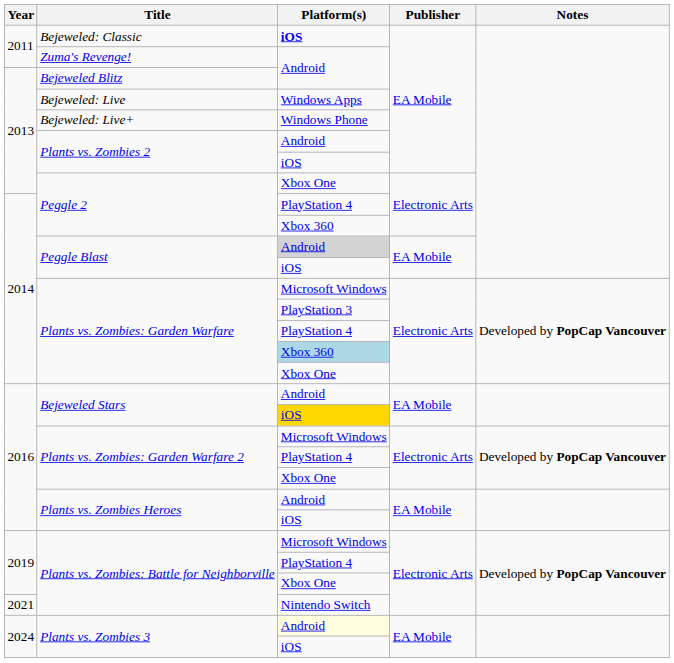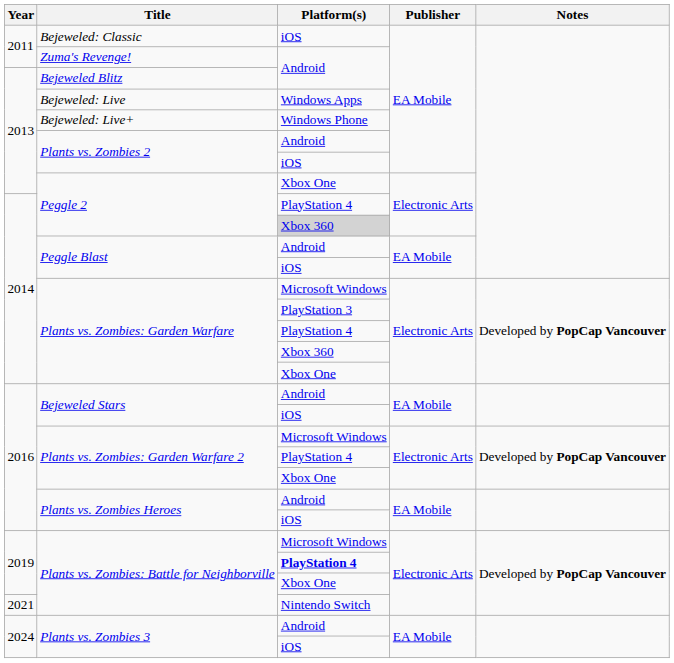 <table class="wikitable sortable">
 <tr>
 <th>Year</th>
 <th>Title</th>
 <th>Platform(s)</th>
 <th>Publisher</th>
 <th>Notes</th>
 </tr>
 <tr>
 <td rowspan="2">2011</td>
 <td><em>Bejeweled: Classic</em></td>
-<td><strong><a href='#'>iOS</a></strong></td>
+<td><a href='#'>iOS</a></td>
 <td rowspan="7"><a href='#'>EA Mobile</a></td>
 <td rowspan="12"></td>
 </tr>
 <tr>
 <td><em><a href='#'>Zuma's Revenge!</a></em></td>
 <td rowspan="2"><a href='#'>Android</a></td>
 </tr>
 <tr>
 <td rowspan="6">2013</td>
 <td><em><a href='#'>Bejeweled Blitz</a></em></td>
 </tr>
 <tr>
 <td><em>Bejeweled: Live</em></td>
 <td><a href='#'>Windows Apps</a></td>
 </tr>
 <tr>
 <td><em>Bejeweled: Live+</em></td>
 <td><a href='#'>Windows Phone</a></td>
 </tr>
 <tr>
 <td rowspan="2"><em><a href='#'>Plants vs. Zombies 2</a></em></td>
 <td><a href='#'>Android</a></td>
 </tr>
 <tr>
 <td><a href='#'>iOS</a></td>
 </tr>
 <tr>
 <td rowspan="3"><em><a href='#'>Peggle 2</a></em></td>
 <td><a href='#'>Xbox One</a></td>
 <td rowspan="3"><a href='#'>Electronic Arts</a></td>
 </tr>
 <tr>
 <td rowspan="9">2014</td>
 <td><a href='#'>PlayStation 4</a></td>
 </tr>
 <tr>
-<td><a href='#'>Xbox 360</a></td>
+<td style="background: lightgrey;"><a href='#'>Xbox 360</a></td>
 </tr>
 <tr>
 <td rowspan="2"><em><a href='#'>Peggle Blast</a></em></td>
-<td style="background: lightgrey;"><a href='#'>Android</a></td>
+<td><a href='#'>Android</a></td>
 <td rowspan="2"><a href='#'>EA Mobile</a></td>
 </tr>
 <tr>
 <td><a href='#'>iOS</a></td>
 </tr>
 <tr>
 <td rowspan="5"><em><a href='#'>Plants vs. Zombies: Garden Warfare</a></em></td>
 <td><a href='#'>Microsoft Windows</a></td>
 <td rowspan="5"><a href='#'>Electronic Arts</a></td>
 <td rowspan="5">Developed by <strong>PopCap Vancouver</strong></td>
 </tr>
 <tr>
 <td><a href='#'>PlayStation 3</a></td>
 </tr>
 <tr>
 <td><a href='#'>PlayStation 4</a></td>
 </tr>
 <tr>
-<td style="background: lightblue;"><a href='#'>Xbox 360</a></td>
+<td><a href='#'>Xbox 360</a></td>
 </tr>
 <tr>
 <td><a href='#'>Xbox One</a></td>
 </tr>
 <tr>
 <td rowspan="7">2016</td>
 <td rowspan="2"><em><a href='#'>Bejeweled Stars</a></em></td>
 <td><a href='#'>Android</a></td>
 <td rowspan="2"><a href='#'>EA Mobile</a></td>
 <td rowspan="2"></td>
 </tr>
 <tr>
-<td style="background: gold;"><a href='#'>iOS</a></td>
+<td><a href='#'>iOS</a></td>
 </tr>
 <tr>
 <td rowspan="3"><em><a href='#'>Plants vs. Zombies: Garden Warfare 2</a></em></td>
 <td><a href='#'>Microsoft Windows</a></td>
 <td rowspan="3"><a href='#'>Electronic Arts</a></td>
 <td rowspan="3">Developed by <strong>PopCap Vancouver</strong></td>
 </tr>
 <tr>
 <td><a href='#'>PlayStation 4</a></td>
 </tr>
 <tr>
 <td><a href='#'>Xbox One</a></td>
 </tr>
 <tr>
 <td rowspan="2"><em><a href='#'>Plants vs. Zombies Heroes</a></em></td>
 <td><a href='#'>Android</a></td>
 <td rowspan="2"><a href='#'>EA Mobile</a></td>
 <td rowspan="2"></td>
 </tr>
 <tr>
 <td><a href='#'>iOS</a></td>
 </tr>
 <tr>
 <td rowspan="3">2019</td>
 <td rowspan="4"><em><a href='#'>Plants vs. Zombies: Battle for Neighborville</a></em></td>
 <td><a href='#'>Microsoft Windows</a></td>
 <td rowspan="4"><a href='#'>Electronic Arts</a></td>
 <td rowspan="4">Developed by <strong>PopCap Vancouver</strong></td>
 </tr>
 <tr>
-<td><a href='#'>PlayStation 4</a></td>
+<td><strong><a href='#'>PlayStation 4</a></strong></td>
 </tr>
 <tr>
 <td><a href='#'>Xbox One</a></td>
 </tr>
 <tr>
 <td>2021</td>
 <td><a href='#'>Nintendo Switch</a></td>
 </tr>
 <tr>
 <td rowspan="2">2024</td>
 <td rowspan="2"><em><a href='#'>Plants vs. Zombies 3</a></em></td>
-<td style="background: lightyellow;"><a href='#'>Android</a></td>
+<td><a href='#'>Android</a></td>
 <td rowspan="2"><a href='#'>EA Mobile</a></td>
 <td rowspan="2"></td>
 </tr>
 <tr>
 <td><a href='#'>iOS</a></td>
 </tr>
 </table>
